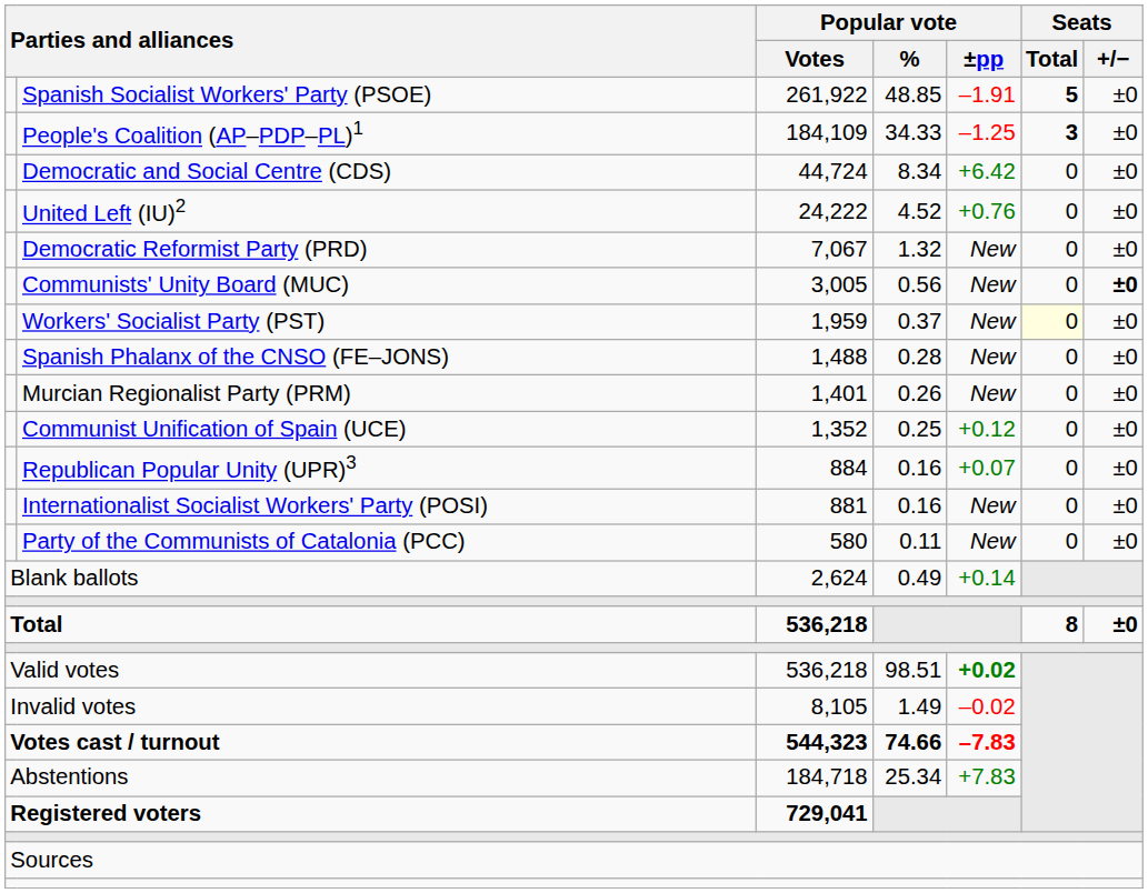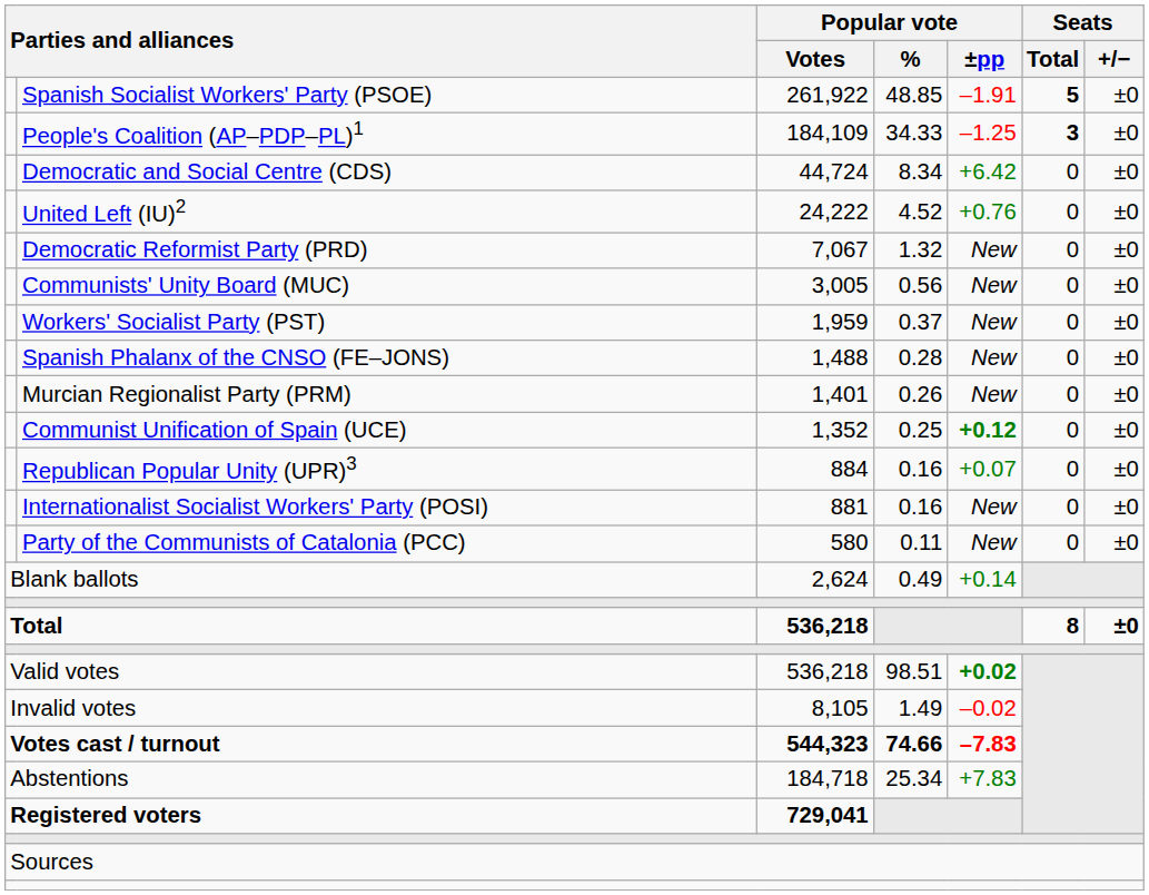 <table class="wikitable" style="text-align:right;">
 <tr>
 <th style="text-align:left;" rowspan="2" colspan="2" width="525">Parties and alliances</th>
 <th colspan="3">Popular vote</th>
 <th colspan="2">Seats</th>
 </tr>
 <tr>
 <th width="75">Votes</th>
 <th width="45">%</th>
 <th width="45">±<a href='#'>pp</a></th>
 <th width="35">Total</th>
 <th width="35">+/−</th>
 </tr>
 <tr>
 <td width="1" style="color:inherit;background:"></td>
 <td align="left"><a href='#'>Spanish Socialist Workers' Party</a> (PSOE)</td>
 <td>261,922</td>
 <td>48.85</td>
 <td style="color:red;">–1.91</td>
 <td><strong>5</strong></td>
 <td>±0</td>
 </tr>
 <tr>
 <td style="color:inherit;background:"></td>
 <td align="left"><a href='#'>People's Coalition</a> (<a href='#'>AP</a>–<a href='#'>PDP</a>–<a href='#'>PL</a>)<sup>1</sup></td>
 <td>184,109</td>
 <td>34.33</td>
 <td style="color:red;">–1.25</td>
 <td><strong>3</strong></td>
 <td>±0</td>
 </tr>
 <tr>
 <td style="color:inherit;background:"></td>
 <td align="left"><a href='#'>Democratic and Social Centre</a> (CDS)</td>
 <td>44,724</td>
 <td>8.34</td>
 <td style="color:green;">+6.42</td>
 <td>0</td>
 <td>±0</td>
 </tr>
 <tr>
 <td style="color:inherit;background:"></td>
 <td align="left"><a href='#'>United Left</a> (IU)<sup>2</sup></td>
 <td>24,222</td>
 <td>4.52</td>
 <td style="color:green;">+0.76</td>
 <td>0</td>
 <td>±0</td>
 </tr>
 <tr>
 <td style="color:inherit;background:"></td>
 <td align="left"><a href='#'>Democratic Reformist Party</a> (PRD)</td>
 <td>7,067</td>
 <td>1.32</td>
 <td><em>New</em></td>
 <td>0</td>
 <td>±0</td>
 </tr>
 <tr>
 <td style="color:inherit;background:"></td>
 <td align="left"><a href='#'>Communists' Unity Board</a> (MUC)</td>
 <td>3,005</td>
 <td>0.56</td>
 <td><em>New</em></td>
 <td>0</td>
-<td><strong>±0</strong></td>
+<td>±0</td>
 </tr>
 <tr>
 <td style="color:inherit;background:"></td>
 <td align="left"><a href='#'>Workers' Socialist Party</a> (PST)</td>
 <td>1,959</td>
 <td>0.37</td>
 <td><em>New</em></td>
-<td style="background: lightyellow;">0</td>
+<td>0</td>
 <td>±0</td>
 </tr>
 <tr>
 <td style="color:inherit;background:"></td>
 <td align="left"><a href='#'>Spanish Phalanx of the CNSO</a> (FE–JONS)</td>
 <td>1,488</td>
 <td>0.28</td>
 <td><em>New</em></td>
 <td>0</td>
 <td>±0</td>
 </tr>
 <tr>
 <td style="color:inherit;background:"></td>
 <td align="left">Murcian Regionalist Party (PRM)</td>
 <td>1,401</td>
 <td>0.26</td>
 <td><em>New</em></td>
 <td>0</td>
 <td>±0</td>
 </tr>
 <tr>
 <td style="color:inherit;background:"></td>
 <td align="left"><a href='#'>Communist Unification of Spain</a> (UCE)</td>
 <td>1,352</td>
 <td>0.25</td>
-<td style="color:green;">+0.12</td>
+<td style="color:green;"><strong>+0.12</strong></td>
 <td>0</td>
 <td>±0</td>
 </tr>
 <tr>
 <td style="color:inherit;background:"></td>
 <td align="left"><a href='#'>Republican Popular Unity</a> (UPR)<sup>3</sup></td>
 <td>884</td>
 <td>0.16</td>
 <td style="color:green;">+0.07</td>
 <td>0</td>
 <td>±0</td>
 </tr>
 <tr>
 <td style="color:inherit;background:"></td>
 <td align="left"><a href='#'>Internationalist Socialist Workers' Party</a> (POSI)</td>
 <td>881</td>
 <td>0.16</td>
 <td><em>New</em></td>
 <td>0</td>
 <td>±0</td>
 </tr>
 <tr>
 <td style="color:inherit;background:"></td>
 <td align="left"><a href='#'>Party of the Communists of Catalonia</a> (PCC)</td>
 <td>580</td>
 <td>0.11</td>
 <td><em>New</em></td>
 <td>0</td>
 <td>±0</td>
 </tr>
 <tr>
 <td align="left" colspan="2">Blank ballots</td>
 <td>2,624</td>
 <td>0.49</td>
 <td style="color:green;">+0.14</td>
 <td bgcolor="#E9E9E9" colspan="2"></td>
 </tr>
 <tr>
 <td colspan="7" bgcolor="#E9E9E9"></td>
 </tr>
 <tr style="font-weight:bold;">
 <td align="left" colspan="2">Total</td>
 <td>536,218</td>
 <td bgcolor="#E9E9E9" colspan="2"></td>
 <td>8</td>
 <td>±0</td>
 </tr>
 <tr>
 <td colspan="7" bgcolor="#E9E9E9"></td>
 </tr>
 <tr>
 <td align="left" colspan="2">Valid votes</td>
 <td>536,218</td>
 <td>98.51</td>
 <td style="color:green;"><strong>+0.02</strong></td>
 <td bgcolor="#E9E9E9" colspan="2" rowspan="5"></td>
 </tr>
 <tr>
 <td align="left" colspan="2">Invalid votes</td>
 <td>8,105</td>
 <td>1.49</td>
 <td style="color:red;">–0.02</td>
 </tr>
 <tr style="font-weight:bold;">
 <td align="left" colspan="2">Votes cast / turnout</td>
 <td>544,323</td>
 <td>74.66</td>
 <td style="color:red;">–7.83</td>
 </tr>
 <tr>
 <td align="left" colspan="2">Abstentions</td>
 <td>184,718</td>
 <td>25.34</td>
 <td style="color:green;">+7.83</td>
 </tr>
 <tr style="font-weight:bold;">
 <td align="left" colspan="2">Registered voters</td>
 <td>729,041</td>
 <td bgcolor="#E9E9E9" colspan="2"></td>
 </tr>
 <tr>
 <td colspan="7" bgcolor="#E9E9E9"></td>
 </tr>
 <tr>
 <td align="left" colspan="7">Sources</td>
 </tr>
 <tr>
 <td colspan="7" style="text-align:left; max-width:790px;"></td>
 </tr>
 </table>
